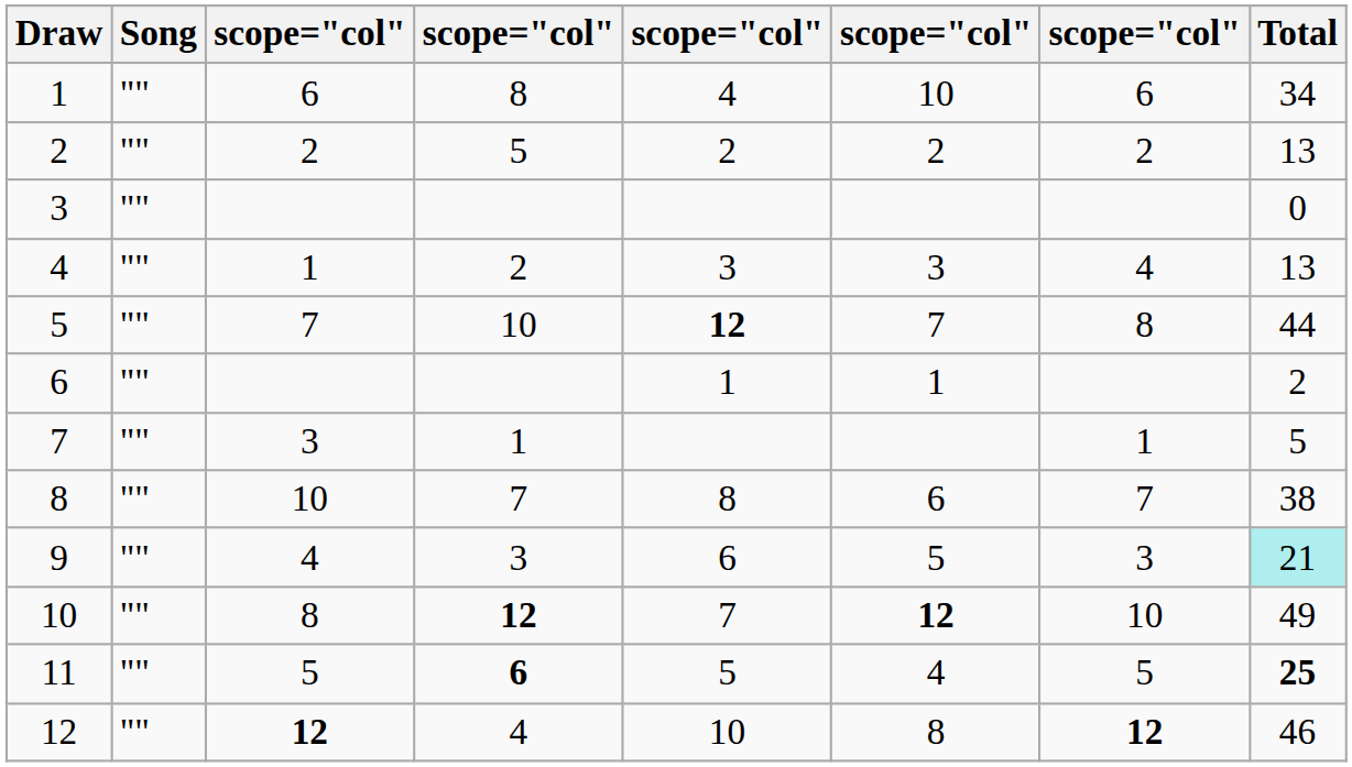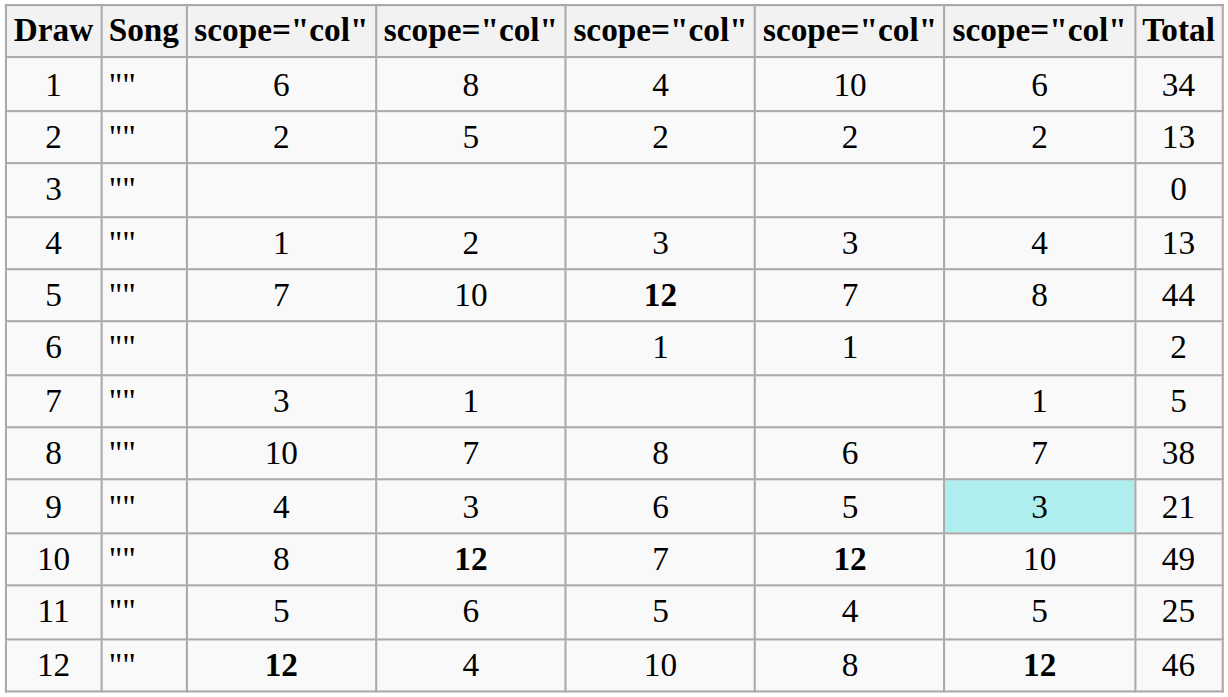 <table class="wikitable collapsible" style="margin: 1em auto 1em auto; text-align:center;">
 <tr>
 </tr>
 <tr>
 <th>Draw</th>
 <th>Song</th>
 <th>scope="col" </th>
 <th>scope="col" </th>
 <th>scope="col" </th>
 <th>scope="col" </th>
 <th>scope="col" </th>
 <th>Total</th>
 </tr>
 <tr>
 <td>1</td>
 <td align="left">""</td>
 <td>6</td>
 <td>8</td>
 <td>4</td>
 <td>10</td>
 <td>6</td>
 <td>34</td>
 </tr>
 <tr>
 <td>2</td>
 <td align="left">""</td>
 <td>2</td>
 <td>5</td>
 <td>2</td>
 <td>2</td>
 <td>2</td>
 <td>13</td>
 </tr>
 <tr>
 <td>3</td>
 <td align="left">""</td>
 <td></td>
 <td></td>
 <td></td>
 <td></td>
 <td></td>
 <td>0</td>
 </tr>
 <tr>
 <td>4</td>
 <td align="left">""</td>
 <td>1</td>
 <td>2</td>
 <td>3</td>
 <td>3</td>
 <td>4</td>
 <td>13</td>
 </tr>
 <tr>
 <td>5</td>
 <td align="left">""</td>
 <td>7</td>
 <td>10</td>
 <td><strong>12</strong></td>
 <td>7</td>
 <td>8</td>
 <td>44</td>
 </tr>
 <tr>
 <td>6</td>
 <td align="left">""</td>
 <td></td>
 <td></td>
 <td>1</td>
 <td>1</td>
 <td></td>
 <td>2</td>
 </tr>
 <tr>
 <td>7</td>
 <td align="left">""</td>
 <td>3</td>
 <td>1</td>
 <td></td>
 <td></td>
 <td>1</td>
 <td>5</td>
 </tr>
 <tr>
 <td>8</td>
 <td align="left">""</td>
 <td>10</td>
 <td>7</td>
 <td>8</td>
 <td>6</td>
 <td>7</td>
 <td>38</td>
 </tr>
 <tr>
 <td>9</td>
 <td align="left">""</td>
 <td>4</td>
 <td>3</td>
 <td>6</td>
 <td>5</td>
-<td>3</td>
-<td style="background: paleturquoise;">21</td>
+<td style="background: paleturquoise;">3</td>
+<td>21</td>
 </tr>
 <tr>
 <td>10</td>
 <td align="left">""</td>
 <td>8</td>
 <td><strong>12</strong></td>
 <td>7</td>
 <td><strong>12</strong></td>
 <td>10</td>
 <td>49</td>
 </tr>
 <tr>
 <td>11</td>
 <td align="left">""</td>
 <td>5</td>
-<td><strong>6</strong></td>
+<td>6</td>
 <td>5</td>
 <td>4</td>
 <td>5</td>
-<td><strong>25</strong></td>
+<td>25</td>
 </tr>
 <tr>
 <td>12</td>
 <td align="left">""</td>
 <td><strong>12</strong></td>
 <td>4</td>
 <td>10</td>
 <td>8</td>
 <td><strong>12</strong></td>
 <td>46</td>
 </tr>
 </table>
